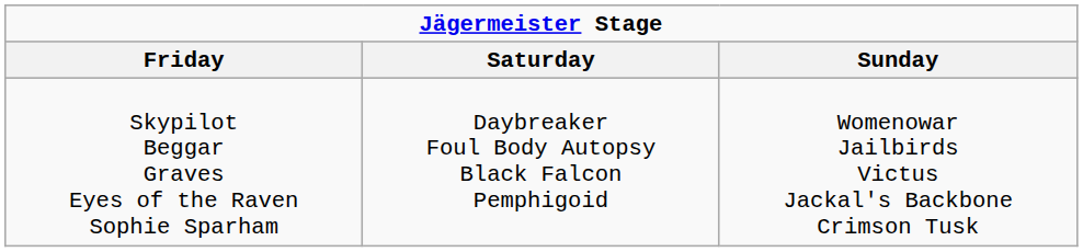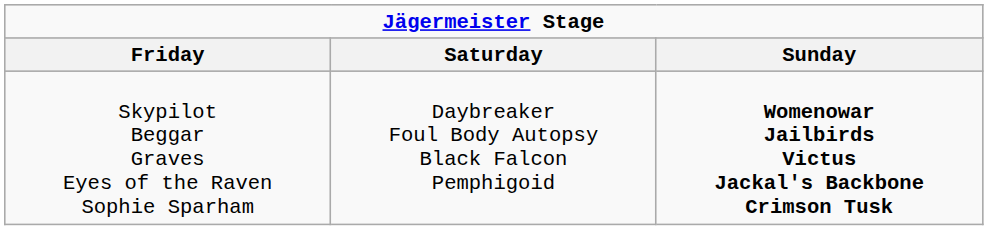 <table class="wikitable">
 <tr>
 <td colspan="3" align="center"><strong><a href='#'>Jägermeister</a> Stage</strong></td>
 </tr>
 <tr>
 <th>Friday</th>
 <th>Saturday</th>
 <th>Sunday</th>
 </tr>
 <tr>
 <td align="center" valign="top" width="200"><br>Skypilot<br> Beggar<br> Graves<br> Eyes of the Raven<br> Sophie Sparham</td>
 <td align="center" valign="top" width="200"><br>Daybreaker<br> Foul Body Autopsy<br> Black Falcon<br> Pemphigoid</td>
-<td align="center" valign="top" width="200"><br>Womenowar<br> Jailbirds<br> Victus<br> Jackal's Backbone<br> Crimson Tusk</td>
+<td align="center" valign="top" width="200"><strong><br>Womenowar<br> Jailbirds<br> Victus<br> Jackal's Backbone<br> Crimson Tusk</strong></td>
 </tr>
 </table>
